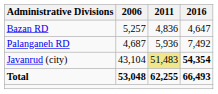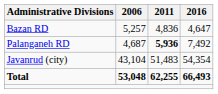 <table class="wikitable">
 <tr>
 <th>Administrative Divisions</th>
 <th>2006</th>
 <th>2011</th>
 <th>2016</th>
 </tr>
 <tr>
 <td><a href='#'>Bazan RD</a></td>
 <td style="text-align: right;">5,257</td>
 <td style="text-align: right;">4,836</td>
 <td style="text-align: right;">4,647</td>
 </tr>
 <tr>
 <td><a href='#'>Palanganeh RD</a></td>
 <td style="text-align: right;">4,687</td>
-<td style="text-align: right;">5,936</td>
+<td style="text-align: right;"><strong>5,936</strong></td>
 <td style="text-align: right;">7,492</td>
 </tr>
 <tr>
 <td><a href='#'>Javanrud</a> (city)</td>
 <td style="text-align: right;">43,104</td>
-<td style="background: khaki; text-align: right;">51,483</td>
-<td style="text-align: right;"><strong>54,354</strong></td>
+<td style="text-align: right;">51,483</td>
+<td style="text-align: right;">54,354</td>
 </tr>
 <tr>
 <td><strong>Total</strong></td>
 <td style="text-align: right;"><strong>53,048</strong></td>
 <td style="text-align: right;"><strong>62,255</strong></td>
 <td style="text-align: right;"><strong>66,493</strong></td>
 </tr>
 <tr>
 <td colspan=4></td>
 </tr>
 </table>
